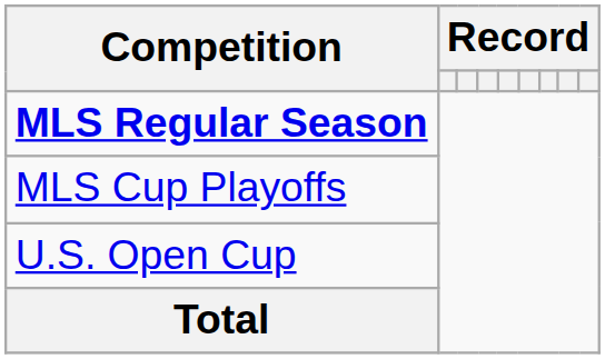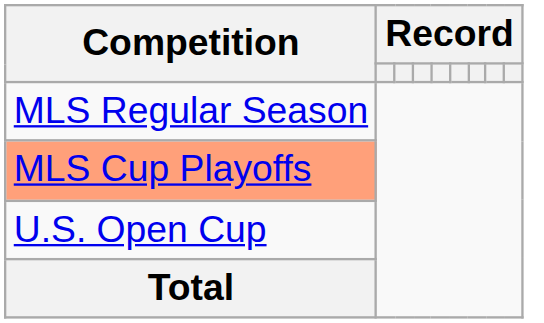 <table class="wikitable" style="text-align: center">
 <tr>
 <th rowspan=2>Competition</th>
 <th colspan=8>Record</th>
 </tr>
 <tr>
 <th></th>
 <th></th>
 <th></th>
 <th></th>
 <th></th>
 <th></th>
 <th></th>
 <th></th>
 </tr>
 <tr>
-<td align="left"><strong><a href='#'>MLS Regular Season</a><br></strong></td>
+<td align="left"><a href='#'>MLS Regular Season</a><br></td>
 </tr>
 <tr>
-<td align="left"><a href='#'>MLS Cup Playoffs</a><br></td>
+<td align="left" style="background: lightsalmon;"><a href='#'>MLS Cup Playoffs</a><br></td>
 </tr>
 <tr>
 <td align="left"><a href='#'>U.S. Open Cup</a><br></td>
 </tr>
 <tr>
 <th>Total<br></th>
 </tr>
 </table>
